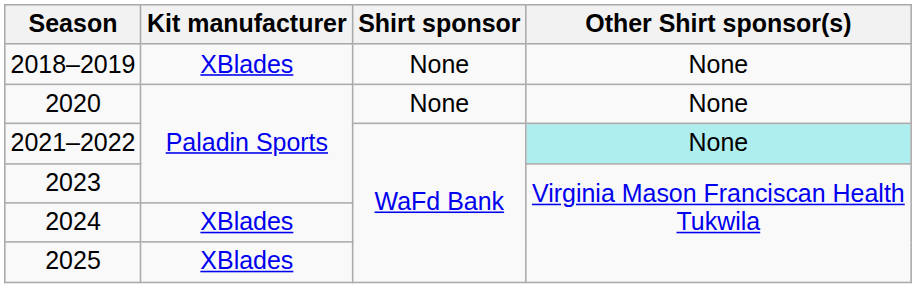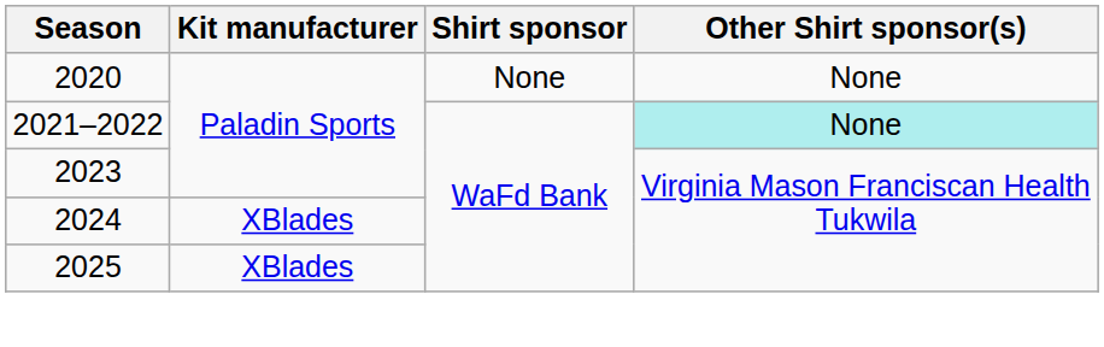 <table class="wikitable" style="text-align: center">
 <tr>
 <th>Season</th>
 <th>Kit manufacturer</th>
 <th>Shirt sponsor</th>
 <th>Other Shirt sponsor(s)</th>
-</tr>
-<tr>
-<td>2018–2019</td>
-<td><a href='#'>XBlades</a></td>
-<td>None</td>
-<td>None</td>
 </tr>
 <tr>
 <td>2020</td>
 <td rowspan="3"><a href='#'>Paladin Sports</a></td>
 <td>None</td>
 <td>None</td>
 </tr>
 <tr>
 <td>2021–2022</td>
 <td rowspan="4"><a href='#'>WaFd Bank</a></td>
 <td style="background: paleturquoise;">None</td>
 </tr>
 <tr>
 <td>2023</td>
 <td rowspan="3"><a href='#'>Virginia Mason Franciscan Health</a><br><a href='#'>Tukwila</a><br><br> </td>
 </tr>
 <tr>
 <td>2024</td>
 <td><a href='#'>XBlades</a></td>
 </tr>
 <tr>
 <td>2025</td>
 <td><a href='#'>XBlades</a></td>
 </tr>
 </table>
